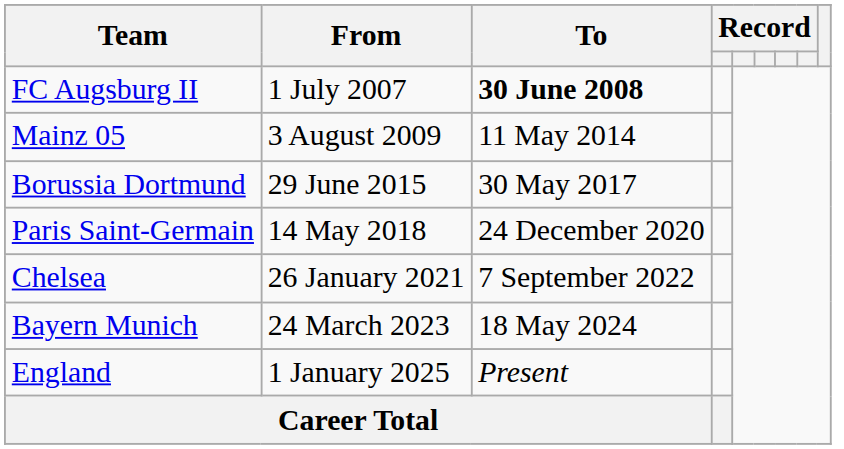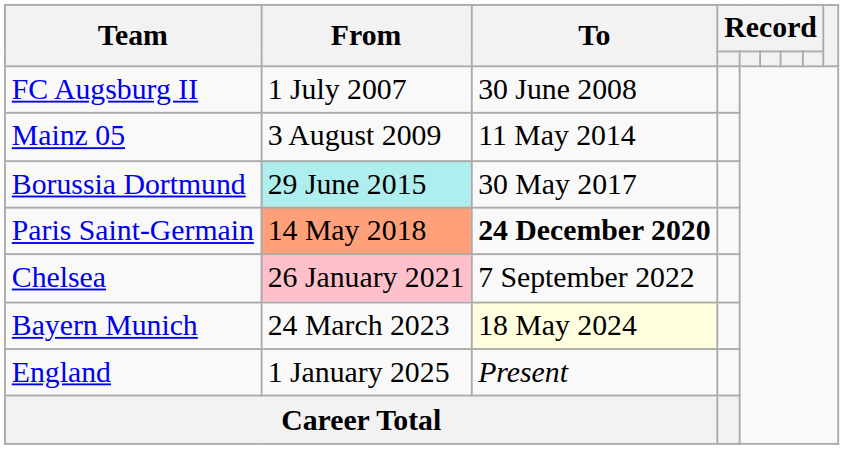 <table class="wikitable" style="text-align: left;">
 <tr>
 <th rowspan="2">Team</th>
 <th rowspan="2">From</th>
 <th rowspan="2">To</th>
 <th colspan="5">Record</th>
 <th rowspan="2"></th>
 </tr>
 <tr>
 <th></th>
 <th></th>
 <th></th>
 <th></th>
 <th></th>
 </tr>
 <tr>
 <td><a href='#'>FC Augsburg II</a></td>
 <td>1 July 2007</td>
-<td><strong>30 June 2008<br></strong></td>
+<td>30 June 2008<br></td>
 <td></td>
 </tr>
 <tr>
 <td><a href='#'>Mainz 05</a></td>
 <td>3 August 2009</td>
 <td>11 May 2014<br></td>
 <td></td>
 </tr>
 <tr>
 <td><a href='#'>Borussia Dortmund</a></td>
-<td>29 June 2015</td>
+<td style="background: paleturquoise;">29 June 2015</td>
 <td>30 May 2017<br></td>
 <td></td>
 </tr>
 <tr>
 <td><a href='#'>Paris Saint-Germain</a></td>
-<td>14 May 2018</td>
-<td>24 December 2020<br></td>
+<td style="background: lightsalmon;">14 May 2018</td>
+<td><strong>24 December 2020<br></strong></td>
 <td></td>
 </tr>
 <tr>
 <td><a href='#'>Chelsea</a></td>
-<td>26 January 2021</td>
+<td style="background: pink;">26 January 2021</td>
 <td>7 September 2022<br></td>
 <td></td>
 </tr>
 <tr>
 <td><a href='#'>Bayern Munich</a></td>
 <td>24 March 2023</td>
-<td>18 May 2024<br></td>
+<td style="background: lightyellow;">18 May 2024<br></td>
 <td></td>
 </tr>
 <tr>
 <td><a href='#'>England</a></td>
 <td>1 January 2025</td>
 <td><em>Present</em><br></td>
 <td></td>
 </tr>
 <tr>
 <th colspan="3">Career Total<br></th>
 <th></th>
 </tr>
 </table>
